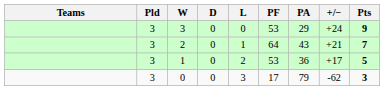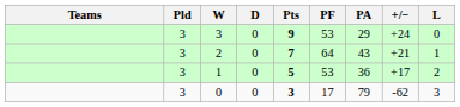 <table class="wikitable" style="text-align: center;">
 <tr>
 <th style="width:200px;">Teams</th>
 <th width="40">Pld</th>
 <th width="40">W</th>
 <th width="40">D</th>
-<th width="40">L</th>
+<th width="40">Pts</th>
 <th width="40">PF</th>
 <th width="40">PA</th>
 <th width="40">+/−</th>
-<th width="40">Pts</th>
+<th width="40">L</th>
 </tr>
 <tr bgcolor=ccffcc>
 <td align=left></td>
 <td>3</td>
 <td>3</td>
 <td>0</td>
-<td>0</td>
+<td><strong>9</strong></td>
 <td>53</td>
 <td>29</td>
 <td>+24</td>
-<td><strong>9</strong></td>
+<td>0</td>
 </tr>
 <tr bgcolor=ccffcc>
 <td align=left></td>
 <td>3</td>
 <td>2</td>
 <td>0</td>
-<td>1</td>
+<td><strong>7</strong></td>
 <td>64</td>
 <td>43</td>
 <td>+21</td>
-<td><strong>7</strong></td>
+<td>1</td>
 </tr>
 <tr bgcolor=ccffcc>
 <td align=left></td>
 <td>3</td>
 <td>1</td>
 <td>0</td>
-<td>2</td>
+<td><strong>5</strong></td>
 <td>53</td>
 <td>36</td>
 <td>+17</td>
-<td><strong>5</strong></td>
+<td>2</td>
 </tr>
 <tr>
 <td align=left></td>
 <td>3</td>
 <td>0</td>
 <td>0</td>
-<td>3</td>
+<td><strong>3</strong></td>
 <td>17</td>
 <td>79</td>
 <td>-62</td>
-<td><strong>3</strong></td>
+<td>3</td>
 </tr>
 </table>
